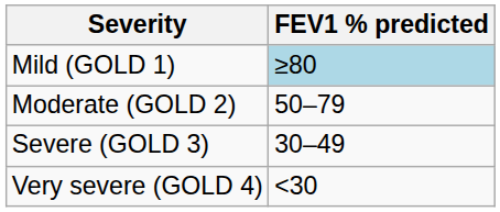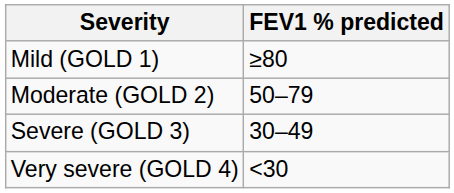 <table class="wikitable" style="float: right">
 <tr>
 <th>Severity</th>
 <th>FEV1 % predicted</th>
 </tr>
 <tr>
 <td>Mild (GOLD 1)</td>
-<td style="background: lightblue;">≥80</td>
+<td>≥80</td>
 </tr>
 <tr>
 <td>Moderate (GOLD 2)</td>
 <td>50–79</td>
 </tr>
 <tr>
 <td>Severe (GOLD 3)</td>
 <td>30–49</td>
 </tr>
 <tr>
 <td>Very severe (GOLD 4)</td>
 <td><30</td>
 </tr>
 </table>
